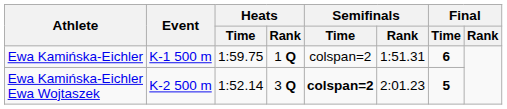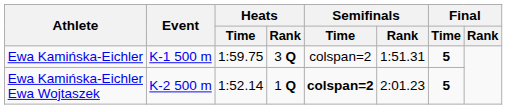 <table class="wikitable" style="font-size:90%">
 <tr>
 <th rowspan=2>Athlete</th>
 <th rowspan=2>Event</th>
 <th colspan=2>Heats</th>
 <th colspan=2>Semifinals</th>
 <th colspan=2>Final</th>
 </tr>
 <tr style="font-size:95%">
 <th>Time</th>
 <th>Rank</th>
 <th>Time</th>
 <th>Rank</th>
 <th>Time</th>
 <th>Rank</th>
 </tr>
 <tr align=center>
 <td align=left><a href='#'>Ewa Kamińska-Eichler</a></td>
 <td align=left><a href='#'>K-1 500 m</a></td>
 <td>1:59.75</td>
-<td>1 <strong>Q</strong></td>
+<td>3 <strong>Q</strong></td>
 <td>colspan=2 </td>
 <td>1:51.31</td>
-<td><strong>6</strong></td>
+<td><strong>5</strong></td>
 </tr>
 <tr align=center>
 <td align=left><a href='#'>Ewa Kamińska-Eichler</a><br><a href='#'>Ewa Wojtaszek</a></td>
 <td align=left><a href='#'>K-2 500 m</a></td>
 <td>1:52.14</td>
-<td>3 <strong>Q</strong></td>
+<td>1 <strong>Q</strong></td>
 <td><strong>colspan=2 </strong></td>
 <td>2:01.23</td>
 <td><strong>5</strong></td>
 </tr>
 </table>
